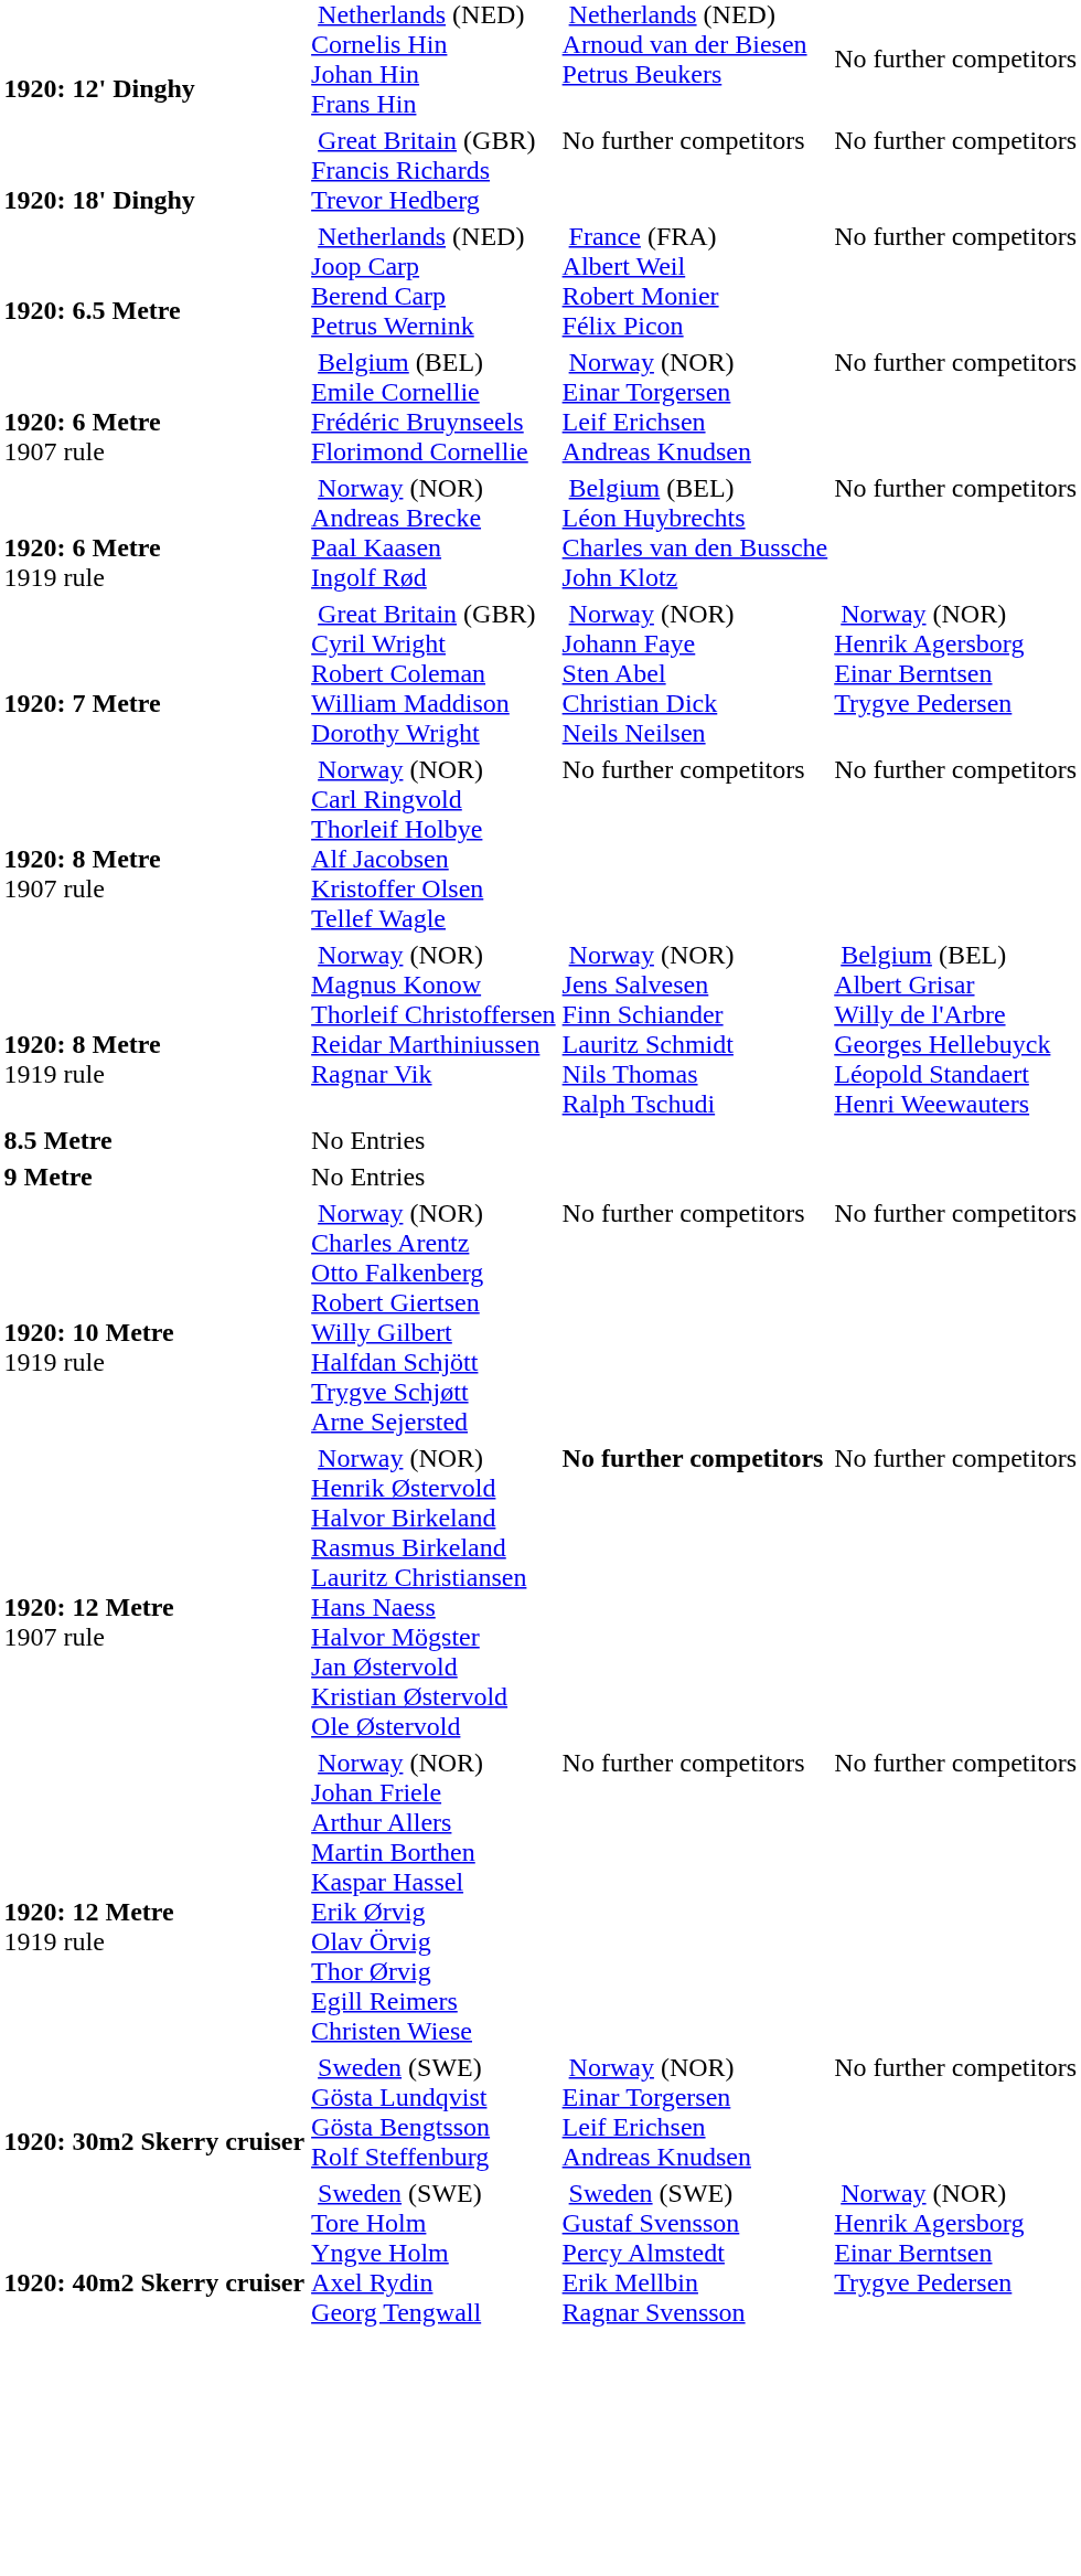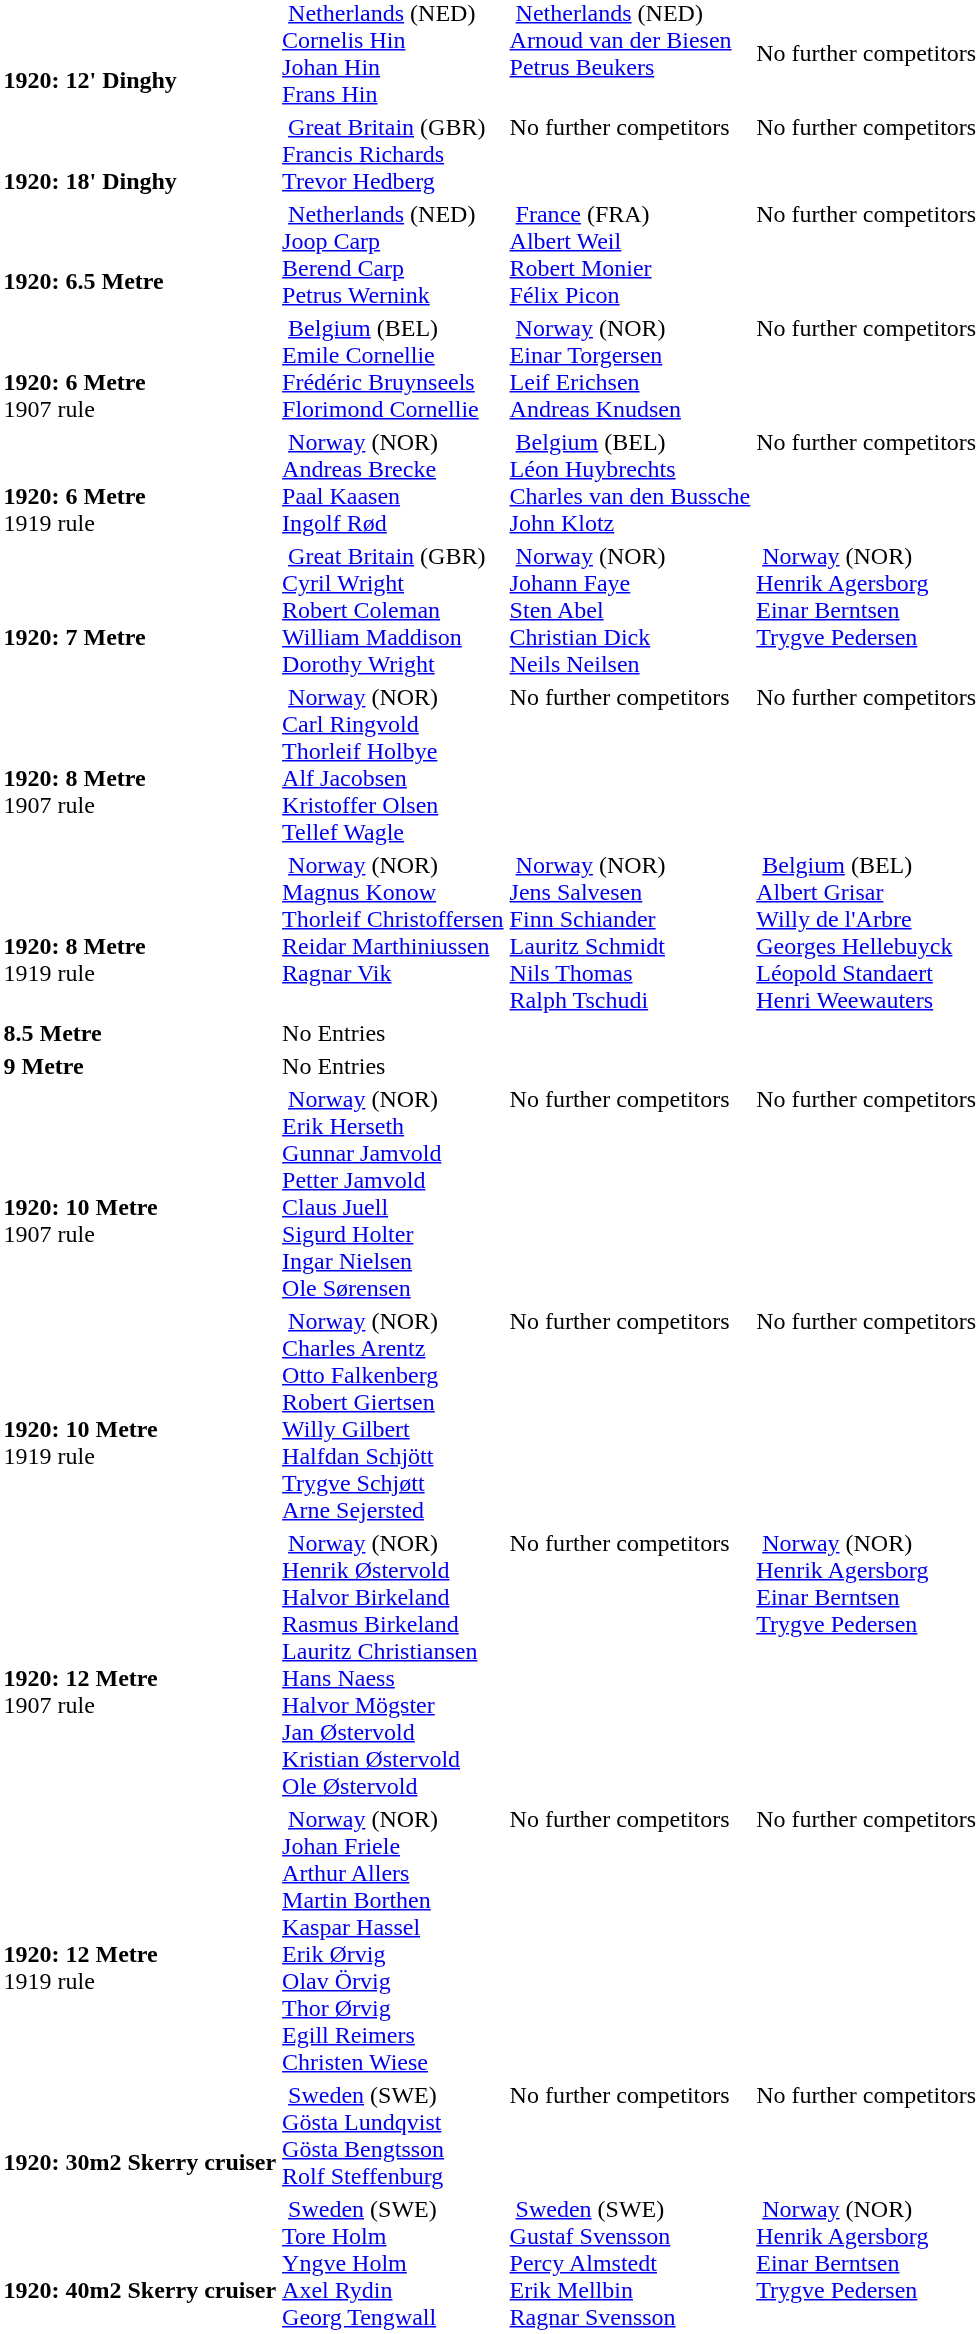 <table>
 <tr>
 <td style="align:center;"><br><br><strong>1920: 12' Dinghy</strong> <br></td>
 <td style="vertical-align:top;"> <a href='#'>Netherlands</a> <span>(NED)</span><br><a href='#'>Cornelis Hin</a><br><a href='#'>Johan Hin</a><br><a href='#'>Frans Hin</a></td>
 <td style="vertical-align:top;"> <a href='#'>Netherlands</a> <span>(NED)</span><br><a href='#'>Arnoud van der Biesen</a><br><a href='#'>Petrus Beukers</a></td>
 <td>No further competitors</td>
 </tr>
 <tr>
 <td style="align:center;"><br><br><strong>1920: 18' Dinghy</strong> <br></td>
 <td style="vertical-align:top;"> <a href='#'>Great Britain</a> <span>(GBR)</span><br><a href='#'>Francis Richards</a><br><a href='#'>Trevor Hedberg</a></td>
 <td style="vertical-align:top;">No further competitors</td>
 <td style="vertical-align:top;">No further competitors</td>
 </tr>
 <tr>
 <td style="align:center;"><br><br><strong>1920: 6.5 Metre</strong> <br></td>
 <td style="vertical-align:top;"> <a href='#'>Netherlands</a> <span>(NED)</span><br><a href='#'>Joop Carp</a><br><a href='#'>Berend Carp</a><br><a href='#'>Petrus Wernink</a></td>
 <td style="vertical-align:top;"> <a href='#'>France</a> <span>(FRA)</span><br><a href='#'>Albert Weil</a><br><a href='#'>Robert Monier</a><br><a href='#'>Félix Picon</a></td>
 <td style="vertical-align:top;">No further competitors</td>
 </tr>
 <tr>
 <td style="align:center;"><br><br><strong>1920: 6 Metre</strong> <br>1907 rule<br></td>
 <td style="vertical-align:top;"> <a href='#'>Belgium</a> <span>(BEL)</span><br><a href='#'>Emile Cornellie</a><br><a href='#'>Frédéric Bruynseels</a><br><a href='#'>Florimond Cornellie</a></td>
 <td style="vertical-align:top;"> <a href='#'>Norway</a> <span>(NOR)</span><br><a href='#'>Einar Torgersen</a><br><a href='#'>Leif Erichsen</a><br><a href='#'>Andreas Knudsen</a></td>
 <td style="vertical-align:top;">No further competitors</td>
 </tr>
 <tr>
 <td style="align:center;"><br><br><strong>1920: 6 Metre</strong> <br>1919 rule<br></td>
 <td style="vertical-align:top;"> <a href='#'>Norway</a> <span>(NOR)</span><br><a href='#'>Andreas Brecke</a><br><a href='#'>Paal Kaasen</a><br><a href='#'>Ingolf Rød</a></td>
 <td style="vertical-align:top;"> <a href='#'>Belgium</a> <span>(BEL)</span><br><a href='#'>Léon Huybrechts</a><br><a href='#'>Charles van den Bussche</a><br><a href='#'>John Klotz</a></td>
 <td style="vertical-align:top;">No further competitors</td>
 </tr>
 <tr>
 <td style="align:center;"><br><br><strong>1920: 7 Metre</strong> <br></td>
 <td style="vertical-align:top;"> <a href='#'>Great Britain</a> <span>(GBR)</span><br><a href='#'>Cyril Wright</a><br><a href='#'>Robert Coleman</a><br><a href='#'>William Maddison</a><br><a href='#'>Dorothy Wright</a></td>
 <td style="vertical-align:top;"> <a href='#'>Norway</a> <span>(NOR)</span><br><a href='#'>Johann Faye</a><br><a href='#'>Sten Abel</a><br><a href='#'>Christian Dick</a><br><a href='#'>Neils Neilsen</a></td>
 <td style="vertical-align:top;"> <a href='#'>Norway</a> <span>(NOR)</span><br><a href='#'>Henrik Agersborg</a><br><a href='#'>Einar Berntsen</a><br><a href='#'>Trygve Pedersen</a></td>
 </tr>
 <tr>
 <td style="align:center;"><br><br><strong>1920: 8 Metre</strong> <br>1907 rule<br></td>
 <td style="vertical-align:top;"> <a href='#'>Norway</a> <span>(NOR)</span><br><a href='#'>Carl Ringvold</a><br><a href='#'>Thorleif Holbye</a><br><a href='#'>Alf Jacobsen</a><br><a href='#'>Kristoffer Olsen</a><br><a href='#'>Tellef Wagle</a></td>
 <td style="vertical-align:top;">No further competitors</td>
 <td style="vertical-align:top;">No further competitors</td>
 </tr>
 <tr>
 <td style="align:center;"><br><br><strong>1920: 8 Metre</strong> <br>1919 rule<br></td>
 <td style="vertical-align:top;"> <a href='#'>Norway</a> <span>(NOR)</span><br><a href='#'>Magnus Konow</a><br><a href='#'>Thorleif Christoffersen</a><br><a href='#'>Reidar Marthiniussen</a><br><a href='#'>Ragnar Vik</a></td>
 <td style="vertical-align:top;"> <a href='#'>Norway</a> <span>(NOR)</span><br><a href='#'>Jens Salvesen</a><br><a href='#'>Finn Schiander</a><br><a href='#'>Lauritz Schmidt</a><br><a href='#'>Nils Thomas</a><br><a href='#'>Ralph Tschudi</a></td>
 <td style="vertical-align:top;"> <a href='#'>Belgium</a> <span>(BEL)</span><br><a href='#'>Albert Grisar</a><br><a href='#'>Willy de l'Arbre</a><br><a href='#'>Georges Hellebuyck</a><br><a href='#'>Léopold Standaert</a><br><a href='#'>Henri Weewauters</a></td>
 </tr>
 <tr>
 <td style="align:center;"><strong>8.5 Metre</strong></td>
 <td colspan=3>No Entries</td>
 </tr>
 <tr>
 <td style="align:center;"><strong>9 Metre</strong></td>
 <td colspan=3>No Entries</td>
 </tr>
 <tr>
+<td style="align:center;"><br><br><strong>1920: 10 Metre</strong> <br>1907 rule<br></td>
+<td style="vertical-align:top;"> <a href='#'>Norway</a> <span>(NOR)</span><br><a href='#'>Erik Herseth</a><br><a href='#'>Gunnar Jamvold</a><br><a href='#'>Petter Jamvold</a><br><a href='#'>Claus Juell</a><br><a href='#'>Sigurd Holter</a><br><a href='#'>Ingar Nielsen</a><br><a href='#'>Ole Sørensen</a></td>
+<td style="vertical-align:top;">No further competitors</td>
+<td style="vertical-align:top;">No further competitors</td>
+</tr>
+<tr>
 <td style="align:center;"><br><br><strong>1920: 10 Metre</strong> <br>1919 rule<br></td>
 <td style="vertical-align:top;"> <a href='#'>Norway</a> <span>(NOR)</span><br><a href='#'>Charles Arentz</a><br><a href='#'>Otto Falkenberg</a><br><a href='#'>Robert Giertsen</a><br><a href='#'>Willy Gilbert</a><br><a href='#'>Halfdan Schjött</a><br><a href='#'>Trygve Schjøtt</a><br><a href='#'>Arne Sejersted</a></td>
 <td style="vertical-align:top;">No further competitors</td>
 <td style="vertical-align:top;">No further competitors</td>
 </tr>
 <tr>
 <td style="align:center;"><br><br><strong>1920: 12 Metre</strong> <br>1907 rule<br></td>
 <td style="vertical-align:top;"> <a href='#'>Norway</a> <span>(NOR)</span><br><a href='#'>Henrik Østervold</a><br><a href='#'>Halvor Birkeland</a><br><a href='#'>Rasmus Birkeland</a><br><a href='#'>Lauritz Christiansen</a><br><a href='#'>Hans Naess</a><br><a href='#'>Halvor Mögster</a><br><a href='#'>Jan Østervold</a><br><a href='#'>Kristian Østervold</a><br><a href='#'>Ole Østervold</a></td>
-<td style="vertical-align:top;"><strong>No further competitors</strong></td>
 <td style="vertical-align:top;">No further competitors</td>
+<td style="vertical-align:top;"> <a href='#'>Norway</a> <span>(NOR)</span><br><a href='#'>Henrik Agersborg</a><br><a href='#'>Einar Berntsen</a><br><a href='#'>Trygve Pedersen</a></td>
 </tr>
 <tr>
 <td style="align:center;"><br><br><strong>1920: 12 Metre</strong> <br>1919 rule<br></td>
 <td style="vertical-align:top;"> <a href='#'>Norway</a> <span>(NOR)</span><br><a href='#'>Johan Friele</a><br><a href='#'>Arthur Allers</a><br><a href='#'>Martin Borthen</a><br><a href='#'>Kaspar Hassel</a><br><a href='#'>Erik Ørvig</a><br><a href='#'>Olav Örvig</a><br><a href='#'>Thor Ørvig</a><br><a href='#'>Egill Reimers</a><br><a href='#'>Christen Wiese</a></td>
 <td style="vertical-align:top;">No further competitors</td>
 <td style="vertical-align:top;">No further competitors</td>
 </tr>
 <tr>
 <td style="align:center;"><br><br><strong>1920: 30m2 Skerry cruiser</strong> <br></td>
 <td style="vertical-align:top;"> <a href='#'>Sweden</a> <span>(SWE)</span><br><a href='#'>Gösta Lundqvist</a><br><a href='#'>Gösta Bengtsson</a><br><a href='#'>Rolf Steffenburg</a></td>
-<td style="vertical-align:top;"> <a href='#'>Norway</a> <span>(NOR)</span><br><a href='#'>Einar Torgersen</a><br><a href='#'>Leif Erichsen</a><br><a href='#'>Andreas Knudsen</a></td>
+<td style="vertical-align:top;">No further competitors</td>
 <td style="vertical-align:top;">No further competitors</td>
 </tr>
 <tr>
 <td style="align:center;"><br><br><strong>1920: 40m2 Skerry cruiser</strong> <br></td>
 <td style="vertical-align:top;"> <a href='#'>Sweden</a> <span>(SWE)</span><br><a href='#'>Tore Holm</a><br><a href='#'>Yngve Holm</a><br><a href='#'>Axel Rydin</a><br><a href='#'>Georg Tengwall</a></td>
 <td style="vertical-align:top;"> <a href='#'>Sweden</a> <span>(SWE)</span><br><a href='#'>Gustaf Svensson</a><br><a href='#'>Percy Almstedt</a><br><a href='#'>Erik Mellbin</a><br><a href='#'>Ragnar Svensson</a></td>
 <td style="vertical-align:top;"> <a href='#'>Norway</a> <span>(NOR)</span><br><a href='#'>Henrik Agersborg</a><br><a href='#'>Einar Berntsen</a><br><a href='#'>Trygve Pedersen</a></td>
 </tr>
 </table>
